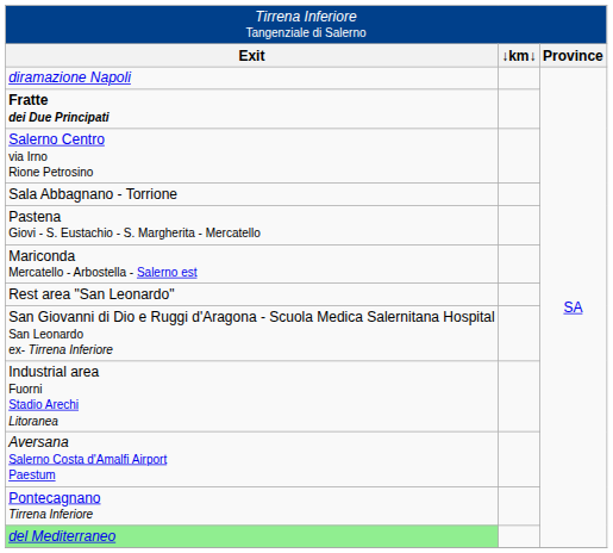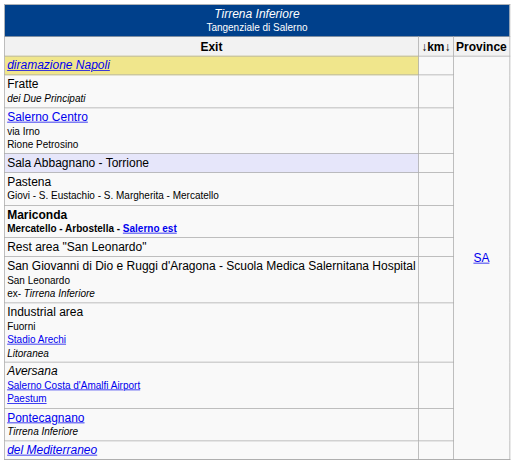 <table class="wikitable">
 <tr align="center" bgcolor="00408B" style="color: white;font-size:100%;">
 <td colspan="5"><em>Tirrena Inferiore</em><br><small>Tangenziale di Salerno</small></td>
 </tr>
 <tr>
 <th>Exit</th>
 <th>↓km↓</th>
 <th>Province</th>
 </tr>
 <tr>
-<td>   <a href='#'><em>diramazione Napoli</em></a></td>
+<td style="background: khaki;">   <a href='#'><em>diramazione Napoli</em></a></td>
 <td align="center"></td>
 <td rowspan="12" align="center"><a href='#'>SA</a></td>
 </tr>
 <tr>
-<td><strong> Fratte<br><small> <em>dei Due Principati</em></small></strong></td>
+<td> Fratte<br><small> <em>dei Due Principati</em></small></td>
 <td align="center"></td>
 </tr>
 <tr>
 <td> <a href='#'>Salerno Centro</a>  <br><small> via Irno<br>Rione Petrosino</small></td>
 <td align="center"></td>
 </tr>
 <tr>
-<td> Sala Abbagnano - Torrione</td>
+<td style="background: lavender;"> Sala Abbagnano - Torrione</td>
 <td align="center"></td>
 </tr>
 <tr>
 <td> Pastena<br><small>Giovi - S. Eustachio - S. Margherita - Mercatello</small></td>
 <td align="center"></td>
 </tr>
 <tr>
-<td> Mariconda<br><small>Mercatello  - Arbostella - <a href='#'>Salerno est</a></small></td>
+<td><strong> Mariconda<br><small>Mercatello  - Arbostella - <a href='#'>Salerno est</a></small></strong></td>
 <td align="center"></td>
 </tr>
 <tr>
 <td> Rest area "San Leonardo"</td>
 <td align="center"></td>
 </tr>
 <tr>
 <td>  San Giovanni di Dio e Ruggi d'Aragona - Scuola Medica Salernitana Hospital<br><small>San Leonardo<br>ex- <em>Tirrena Inferiore</em></small></td>
 <td align="center"></td>
 </tr>
 <tr>
 <td>  Industrial area<br><small>Fuorni<br> <a href='#'>Stadio Arechi</a><br> <em>Litoranea</em></small></td>
 <td align="center"></td>
 </tr>
 <tr>
 <td>  <em>Aversana</em><br><small> <a href='#'>Salerno Costa d'Amalfi Airport</a><br> <a href='#'>Paestum</a></small></td>
 <td align="center"></td>
 </tr>
 <tr>
 <td> <a href='#'>Pontecagnano</a><br><small>  <em>Tirrena Inferiore</em></small></td>
 <td align="center"></td>
 </tr>
 <tr>
-<td style="background: lightgreen;">   <a href='#'><em>del Mediterraneo</em></a></td>
+<td>   <a href='#'><em>del Mediterraneo</em></a></td>
 <td align="center"></td>
 </tr>
 <tr>
 </tr>
 </table>
